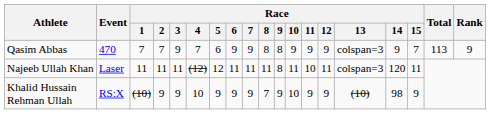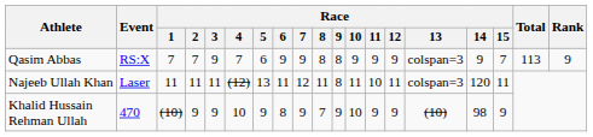 <table class=wikitable style=font-size:90%;text-align:center>
 <tr>
 <th rowspan="2">Athlete</th>
 <th rowspan="2">Event</th>
 <th colspan=15>Race</th>
 <th rowspan=2>Total</th>
 <th rowspan=2>Rank</th>
 </tr>
 <tr style="font-size:95%">
 <th>1</th>
 <th>2</th>
 <th>3</th>
 <th>4</th>
 <th>5</th>
 <th>6</th>
 <th>7</th>
 <th>8</th>
 <th>9</th>
 <th>10</th>
 <th>11</th>
 <th>12</th>
 <th>13</th>
 <th>14</th>
 <th>15</th>
 </tr>
 <tr>
 <td align=left>Qasim Abbas</td>
-<td align=left><a href='#'>470</a></td>
+<td align=left><a href='#'>RS:X</a></td>
 <td>7</td>
 <td>7</td>
 <td>9</td>
 <td>7</td>
 <td>6</td>
 <td>9</td>
 <td>9</td>
 <td>8</td>
 <td>8</td>
 <td>9</td>
 <td>9</td>
 <td>9</td>
 <td>colspan=3 </td>
 <td>9</td>
 <td>7</td>
 <td>113</td>
 <td>9</td>
 </tr>
 <tr>
 <td align=left>Najeeb Ullah Khan</td>
 <td align=left><a href='#'>Laser</a></td>
 <td>11</td>
 <td>11</td>
 <td>11</td>
 <td><s>(12)</s></td>
+<td>13</td>
+<td>11</td>
 <td>12</td>
-<td>11</td>
-<td>11</td>
 <td>11</td>
 <td>8</td>
 <td>11</td>
 <td>10</td>
 <td>11</td>
 <td>colspan=3 </td>
 <td>120</td>
 <td>11</td>
 </tr>
 <tr>
 <td align=left>Khalid Hussain<br>Rehman Ullah</td>
-<td align=left><a href='#'>RS:X</a></td>
+<td align=left><a href='#'>470</a></td>
 <td><s>(10)</s></td>
 <td>9</td>
 <td>9</td>
 <td>10</td>
 <td>9</td>
-<td>9</td>
+<td>8</td>
 <td>9</td>
 <td>7</td>
 <td>9</td>
 <td>10</td>
 <td>9</td>
 <td>9</td>
 <td><s>(10)</s></td>
 <td>98</td>
 <td>9</td>
 </tr>
 </table>
